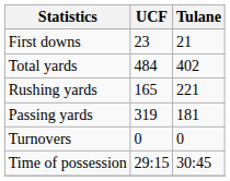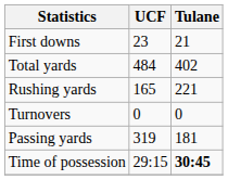 <table class="wikitable" style="float: left;">
 <tr>
 <th>Statistics</th>
 <th>UCF</th>
 <th>Tulane</th>
 </tr>
 <tr>
 <td>First downs</td>
 <td>23</td>
 <td>21</td>
 </tr>
 <tr>
 <td>Total yards</td>
 <td>484</td>
 <td>402</td>
 </tr>
 <tr>
 <td>Rushing yards</td>
 <td>165</td>
 <td>221</td>
 </tr>
 <tr>
+<td>Turnovers</td>
+<td>0</td>
+<td>0</td>
+</tr>
+<tr>
 <td>Passing yards</td>
 <td>319</td>
 <td>181</td>
 </tr>
 <tr>
-<td>Turnovers</td>
-<td>0</td>
-<td>0</td>
-</tr>
-<tr>
 <td>Time of possession</td>
 <td>29:15</td>
-<td>30:45</td>
+<td><strong>30:45</strong></td>
 </tr>
 <tr>
 </tr>
 </table>
